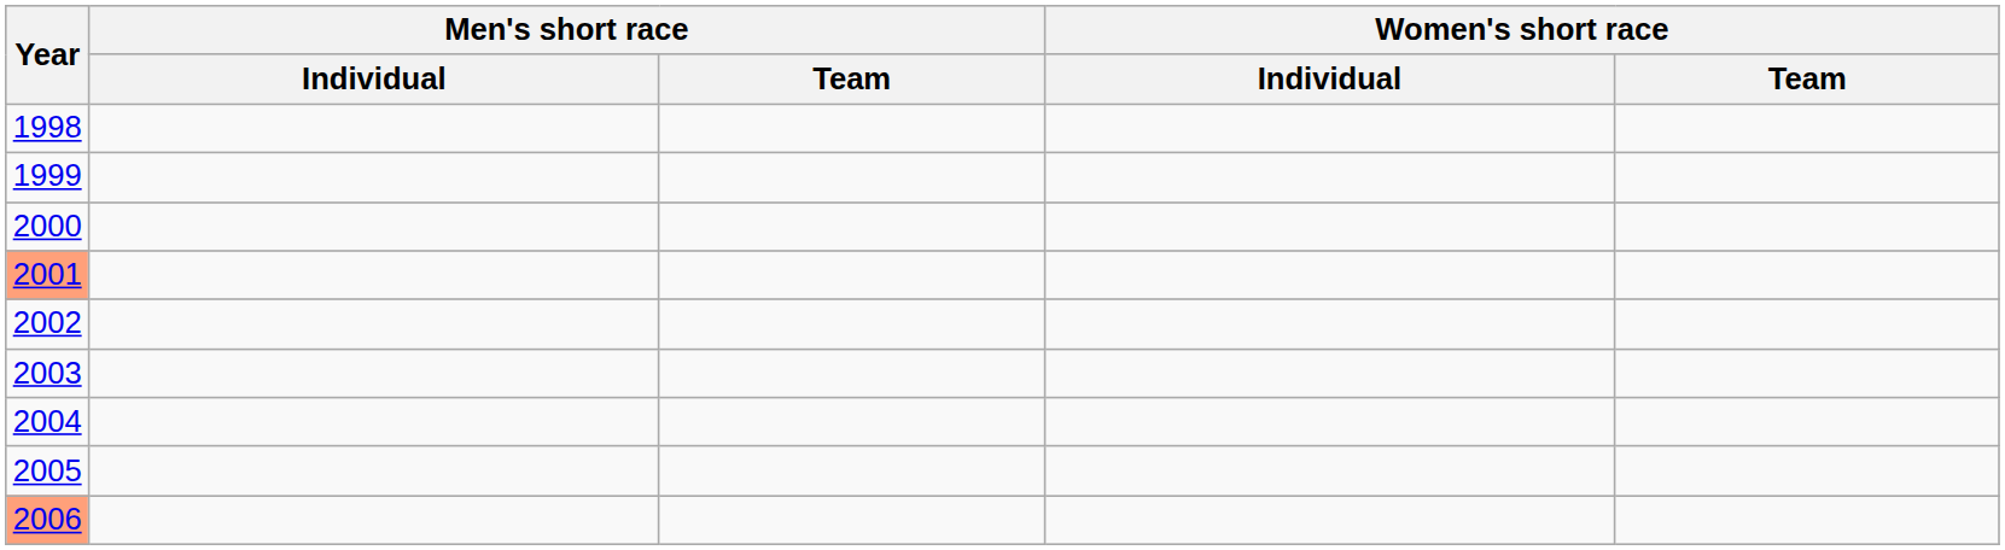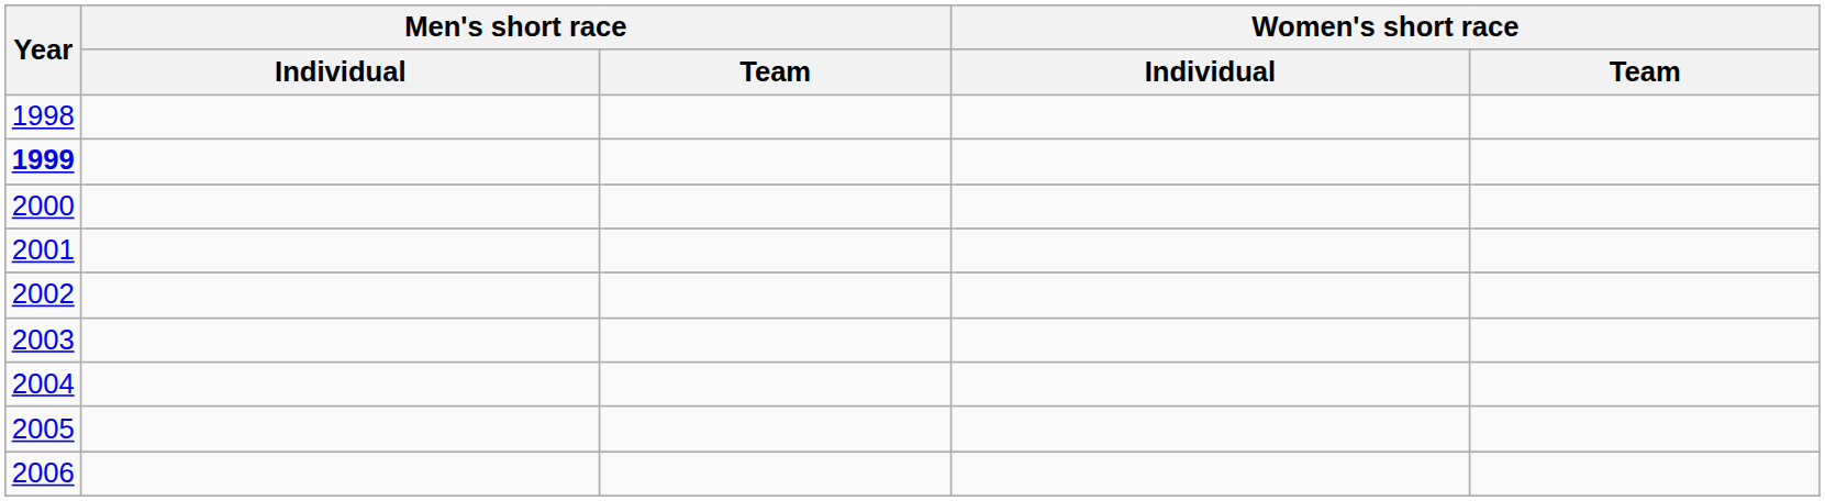 <table class="wikitable">
 <tr>
 <th rowspan=2>Year</th>
 <th colspan=2>Men's short race</th>
 <th colspan=2>Women's short race</th>
 </tr>
 <tr>
 <th style="width: 18em">Individual</th>
 <th style="width: 12em">Team</th>
 <th style="width: 18em">Individual</th>
 <th style="width: 12em">Team</th>
 </tr>
 <tr>
 <td><a href='#'>1998</a></td>
 <td></td>
 <td></td>
 <td></td>
 <td></td>
 </tr>
 <tr>
-<td><a href='#'>1999</a></td>
+<td><strong><a href='#'>1999</a></strong></td>
 <td></td>
 <td></td>
 <td></td>
 <td></td>
 </tr>
 <tr>
 <td><a href='#'>2000</a></td>
 <td></td>
 <td></td>
 <td></td>
 <td></td>
 </tr>
 <tr>
-<td style="background: lightsalmon;"><a href='#'>2001</a></td>
+<td><a href='#'>2001</a></td>
 <td></td>
 <td></td>
 <td></td>
 <td></td>
 </tr>
 <tr>
 <td><a href='#'>2002</a></td>
 <td></td>
 <td></td>
 <td></td>
 <td></td>
 </tr>
 <tr>
 <td><a href='#'>2003</a></td>
 <td></td>
 <td></td>
 <td></td>
 <td></td>
 </tr>
 <tr>
 <td><a href='#'>2004</a></td>
 <td></td>
 <td></td>
 <td></td>
 <td></td>
 </tr>
 <tr>
 <td><a href='#'>2005</a></td>
 <td></td>
 <td></td>
 <td></td>
 <td></td>
 </tr>
 <tr>
-<td style="background: lightsalmon;"><a href='#'>2006</a></td>
+<td><a href='#'>2006</a></td>
 <td></td>
 <td></td>
 <td></td>
 <td></td>
 </tr>
 </table>
